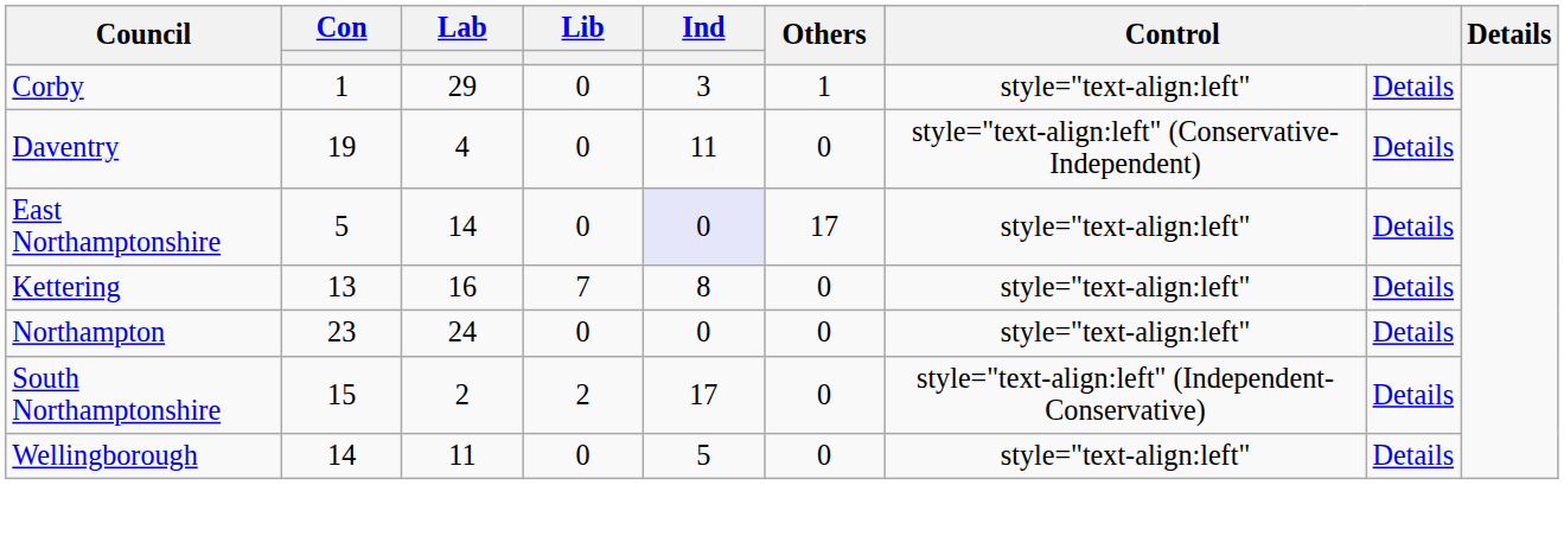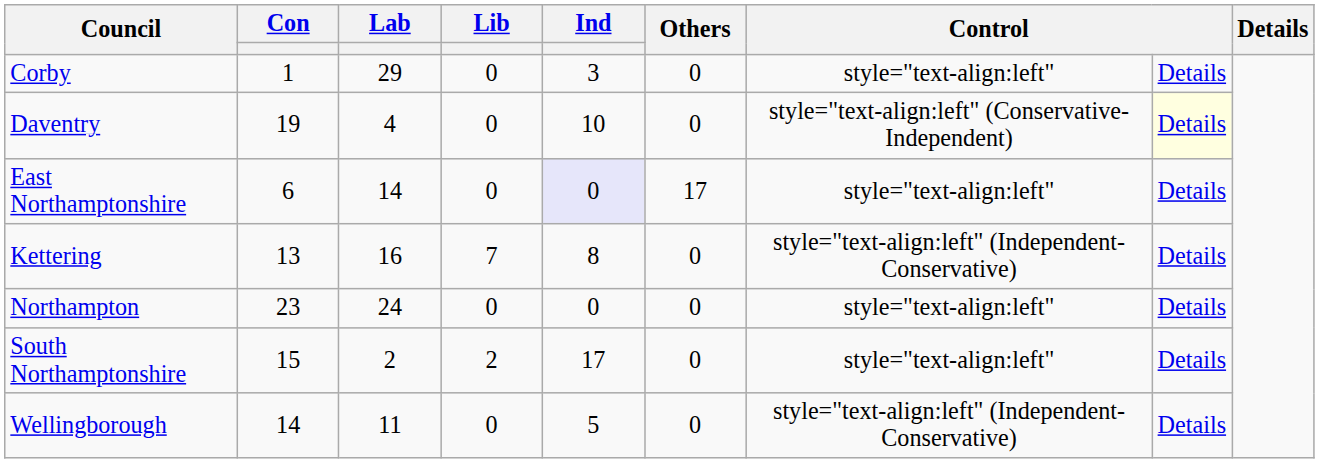 <table class="wikitable" style="text-align:center;">
 <tr>
 <th rowspan=2>Council</th>
 <th style="width:60px;"><a href='#'>Con</a></th>
 <th style="width:60px;"><a href='#'>Lab</a></th>
 <th style="width:60px;"><a href='#'>Lib</a></th>
 <th style="width:60px;"><a href='#'>Ind</a></th>
 <th style="width:60px;" rowspan=2>Others</th>
 <th rowspan=2 colspan=2>Control</th>
 <th rowspan=2>Details</th>
 </tr>
 <tr>
 <th style="background:"></th>
 <th style="background:"></th>
 <th style="background:"></th>
 <th style="background:"></th>
 </tr>
 <tr>
 <td style="text-align:left"><a href='#'>Corby</a></td>
 <td>1</td>
 <td>29</td>
 <td>0</td>
 <td>3</td>
-<td>1</td>
+<td>0</td>
 <td>style="text-align:left" </td>
 <td style="text-align:left"><a href='#'>Details</a></td>
 </tr>
 <tr>
 <td style="text-align:left"><a href='#'>Daventry</a></td>
 <td>19</td>
 <td>4</td>
 <td>0</td>
-<td>11</td>
+<td>10</td>
 <td>0</td>
 <td>style="text-align:left"  (Conservative-Independent)</td>
-<td style="text-align:left"><a href='#'>Details</a></td>
+<td style="background: lightyellow; text-align:left"><a href='#'>Details</a></td>
 </tr>
 <tr>
 <td style="text-align:left"><a href='#'>East Northamptonshire</a></td>
-<td>5</td>
+<td>6</td>
 <td>14</td>
 <td>0</td>
 <td style="background: lavender;">0</td>
 <td>17</td>
 <td>style="text-align:left" </td>
 <td style="text-align:left"><a href='#'>Details</a></td>
 </tr>
 <tr>
 <td style="text-align:left"><a href='#'>Kettering</a></td>
 <td>13</td>
 <td>16</td>
 <td>7</td>
 <td>8</td>
 <td>0</td>
-<td>style="text-align:left" </td>
+<td>style="text-align:left"  (Independent-Conservative)</td>
 <td style="text-align:left"><a href='#'>Details</a></td>
 </tr>
 <tr>
 <td style="text-align:left"><a href='#'>Northampton</a></td>
 <td>23</td>
 <td>24</td>
 <td>0</td>
 <td>0</td>
 <td>0</td>
 <td>style="text-align:left" </td>
 <td style="text-align:left"><a href='#'>Details</a></td>
 </tr>
 <tr>
 <td style="text-align:left"><a href='#'>South Northamptonshire</a></td>
 <td>15</td>
 <td>2</td>
 <td>2</td>
 <td>17</td>
 <td>0</td>
-<td>style="text-align:left"  (Independent-Conservative)</td>
+<td>style="text-align:left" </td>
 <td style="text-align:left"><a href='#'>Details</a></td>
 </tr>
 <tr>
 <td style="text-align:left"><a href='#'>Wellingborough</a></td>
 <td>14</td>
 <td>11</td>
 <td>0</td>
 <td>5</td>
 <td>0</td>
-<td>style="text-align:left" </td>
+<td>style="text-align:left"  (Independent-Conservative)</td>
 <td style="text-align:left"><a href='#'>Details</a></td>
 </tr>
 </table>
